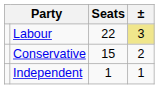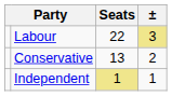 <table class="sortable wikitable">
 <tr>
 <th colspan="2">Party</th>
 <th>Seats</th>
 <th>  ±  </th>
 </tr>
 <tr>
 <td style="background-color: "></td>
 <td><a href='#'>Labour</a></td>
 <td align="center">22</td>
 <td align="center" style="background: khaki;">3</td>
 </tr>
 <tr>
 <td style="background-color: "></td>
 <td><a href='#'>Conservative</a></td>
-<td align="center">15</td>
+<td align="center">13</td>
 <td align="center">2</td>
 </tr>
 <tr>
 <td style="background-color: "></td>
 <td><a href='#'>Independent</a></td>
-<td align="center">1</td>
+<td align="center" style="background: khaki;">1</td>
 <td align="center">1</td>
 </tr>
 </table>
